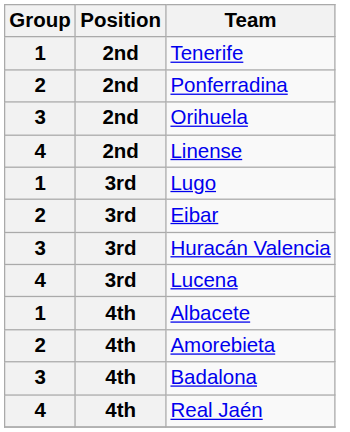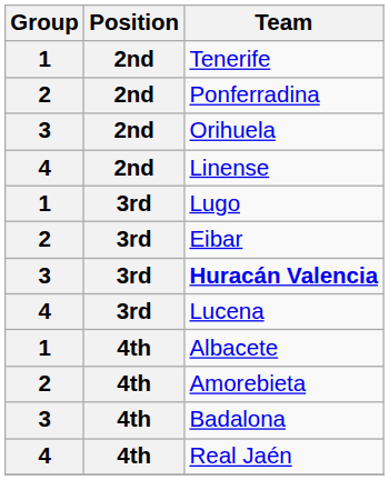 <table class="wikitable">
 <tr>
 <th>Group</th>
 <th>Position</th>
 <th>Team</th>
 </tr>
 <tr>
 <th>1</th>
 <th>2nd</th>
 <td><a href='#'>Tenerife</a></td>
 </tr>
 <tr>
 <th>2</th>
 <th>2nd</th>
 <td><a href='#'>Ponferradina</a></td>
 </tr>
 <tr>
 <th>3</th>
 <th>2nd</th>
 <td><a href='#'>Orihuela</a></td>
 </tr>
 <tr>
 <th>4</th>
 <th>2nd</th>
 <td><a href='#'>Linense</a></td>
 </tr>
 <tr>
 <th>1</th>
 <th>3rd</th>
 <td><a href='#'>Lugo</a></td>
 </tr>
 <tr>
 <th>2</th>
 <th>3rd</th>
 <td><a href='#'>Eibar</a></td>
 </tr>
 <tr>
 <th>3</th>
 <th>3rd</th>
-<td><a href='#'>Huracán Valencia</a></td>
+<td><strong><a href='#'>Huracán Valencia</a></strong></td>
 </tr>
 <tr>
 <th>4</th>
 <th>3rd</th>
 <td><a href='#'>Lucena</a></td>
 </tr>
 <tr>
 <th>1</th>
 <th>4th</th>
 <td><a href='#'>Albacete</a></td>
 </tr>
 <tr>
 <th>2</th>
 <th>4th</th>
 <td><a href='#'>Amorebieta</a></td>
 </tr>
 <tr>
 <th>3</th>
 <th>4th</th>
 <td><a href='#'>Badalona</a></td>
 </tr>
 <tr>
 <th>4</th>
 <th>4th</th>
 <td><a href='#'>Real Jaén</a></td>
 </tr>
 <tr>
 </tr>
 </table>
